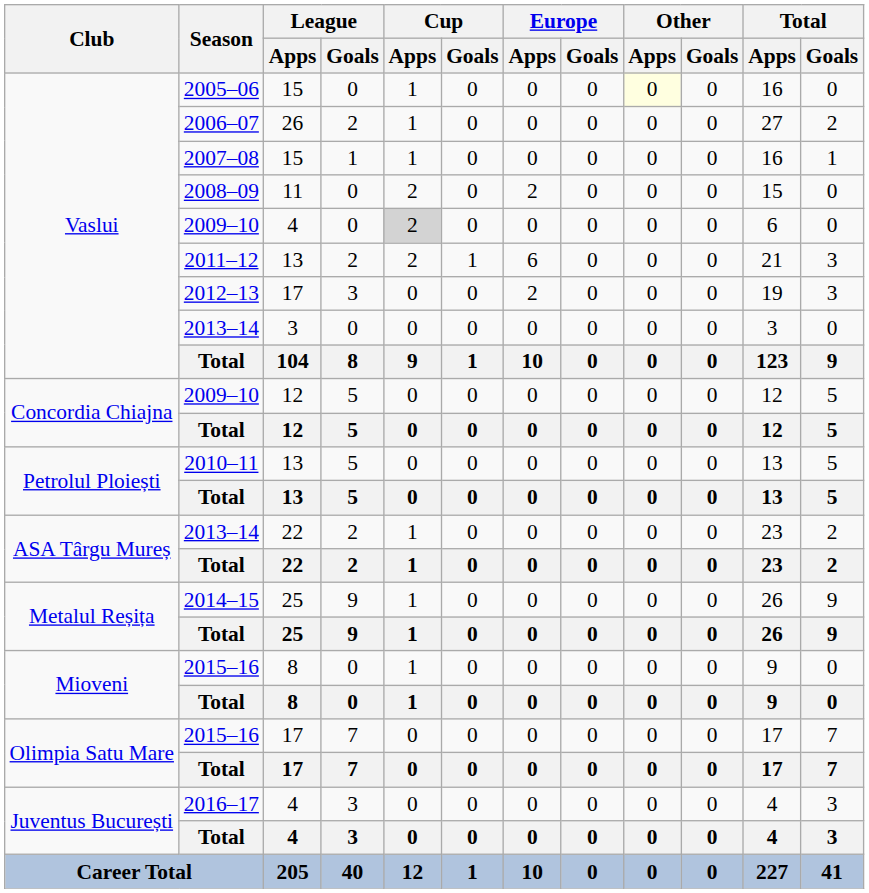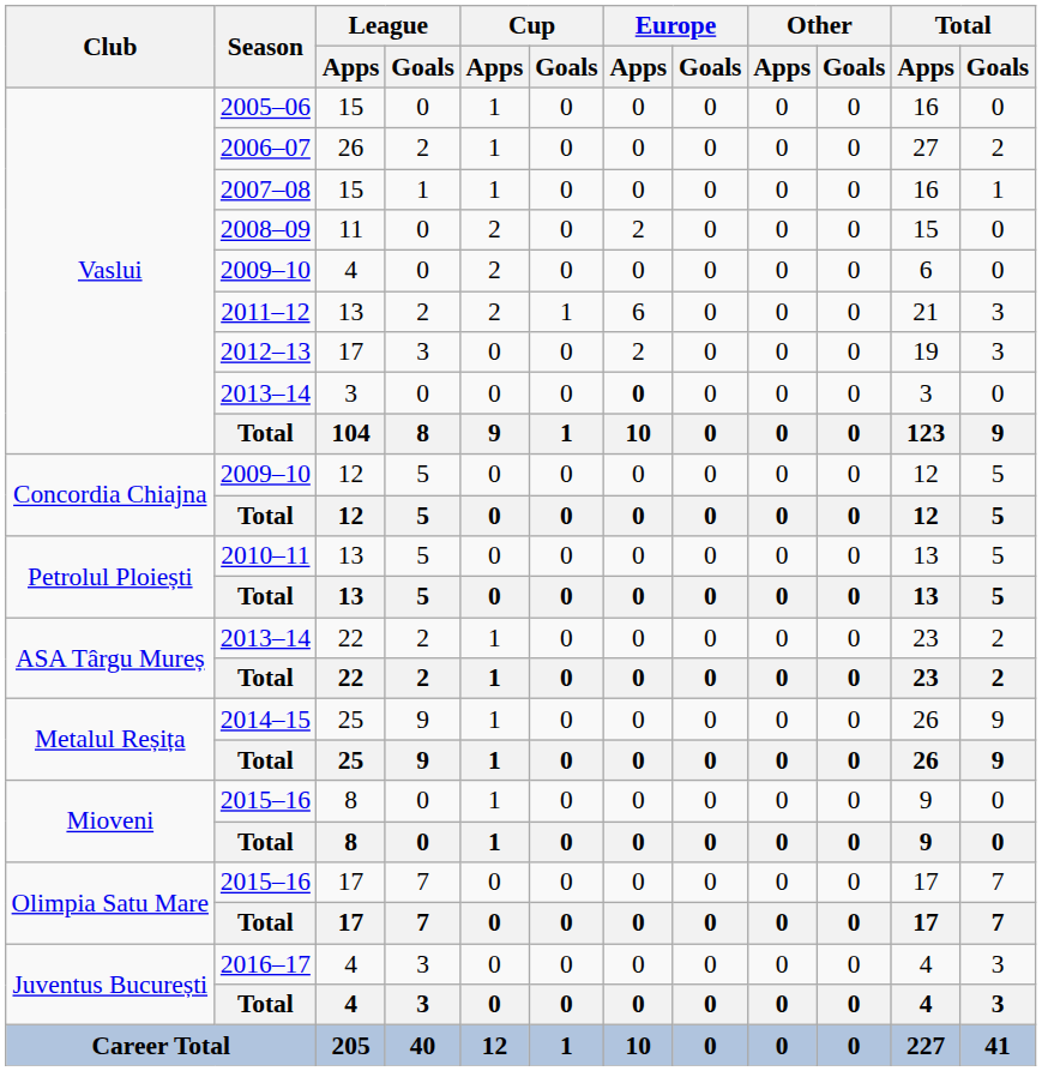 <table class="wikitable" style="text-align: center;">
 <tr>
 <th rowspan="2">Club</th>
 <th rowspan="2">Season</th>
 <th colspan="2">League</th>
 <th colspan="2">Cup</th>
 <th colspan="2"><a href='#'>Europe</a></th>
 <th colspan="2">Other</th>
 <th colspan="2">Total</th>
 </tr>
 <tr>
 <th>Apps</th>
 <th>Goals</th>
 <th>Apps</th>
 <th>Goals</th>
 <th>Apps</th>
 <th>Goals</th>
 <th>Apps</th>
 <th>Goals</th>
 <th>Apps</th>
 <th>Goals</th>
 </tr>
 <tr>
 <td rowspan="9"><a href='#'>Vaslui</a></td>
 <td><a href='#'>2005–06</a></td>
 <td>15</td>
 <td>0</td>
 <td>1</td>
 <td>0</td>
 <td>0</td>
 <td>0</td>
-<td style="background: lightyellow;">0</td>
+<td>0</td>
 <td>0</td>
 <td>16</td>
 <td>0</td>
 </tr>
 <tr>
 <td><a href='#'>2006–07</a></td>
 <td>26</td>
 <td>2</td>
 <td>1</td>
 <td>0</td>
 <td>0</td>
 <td>0</td>
 <td>0</td>
 <td>0</td>
 <td>27</td>
 <td>2</td>
 </tr>
 <tr>
 <td><a href='#'>2007–08</a></td>
 <td>15</td>
 <td>1</td>
 <td>1</td>
 <td>0</td>
 <td>0</td>
 <td>0</td>
 <td>0</td>
 <td>0</td>
 <td>16</td>
 <td>1</td>
 </tr>
 <tr>
 <td><a href='#'>2008–09</a></td>
 <td>11</td>
 <td>0</td>
 <td>2</td>
 <td>0</td>
 <td>2</td>
 <td>0</td>
 <td>0</td>
 <td>0</td>
 <td>15</td>
 <td>0</td>
 </tr>
 <tr>
 <td><a href='#'>2009–10</a></td>
 <td>4</td>
 <td>0</td>
-<td style="background: lightgrey;">2</td>
+<td>2</td>
 <td>0</td>
 <td>0</td>
 <td>0</td>
 <td>0</td>
 <td>0</td>
 <td>6</td>
 <td>0</td>
 </tr>
 <tr>
 <td><a href='#'>2011–12</a></td>
 <td>13</td>
 <td>2</td>
 <td>2</td>
 <td>1</td>
 <td>6</td>
 <td>0</td>
 <td>0</td>
 <td>0</td>
 <td>21</td>
 <td>3</td>
 </tr>
 <tr>
 <td><a href='#'>2012–13</a></td>
 <td>17</td>
 <td>3</td>
 <td>0</td>
 <td>0</td>
 <td>2</td>
 <td>0</td>
 <td>0</td>
 <td>0</td>
 <td>19</td>
 <td>3</td>
 </tr>
 <tr>
 <td><a href='#'>2013–14</a></td>
 <td>3</td>
 <td>0</td>
 <td>0</td>
 <td>0</td>
-<td>0</td>
+<td><strong>0</strong></td>
 <td>0</td>
 <td>0</td>
 <td>0</td>
 <td>3</td>
 <td>0</td>
 </tr>
 <tr>
 <th>Total</th>
 <th>104</th>
 <th>8</th>
 <th>9</th>
 <th>1</th>
 <th>10</th>
 <th>0</th>
 <th>0</th>
 <th>0</th>
 <th>123</th>
 <th>9</th>
 </tr>
 <tr>
 <td rowspan="2"><a href='#'>Concordia Chiajna</a></td>
 <td><a href='#'>2009–10</a></td>
 <td>12</td>
 <td>5</td>
 <td>0</td>
 <td>0</td>
 <td>0</td>
 <td>0</td>
 <td>0</td>
 <td>0</td>
 <td>12</td>
 <td>5</td>
 </tr>
 <tr>
 <th>Total</th>
 <th>12</th>
 <th>5</th>
 <th>0</th>
 <th>0</th>
 <th>0</th>
 <th>0</th>
 <th>0</th>
 <th>0</th>
 <th>12</th>
 <th>5</th>
 </tr>
 <tr>
 <td rowspan="2"><a href='#'>Petrolul Ploiești</a></td>
 <td><a href='#'>2010–11</a></td>
 <td>13</td>
 <td>5</td>
 <td>0</td>
 <td>0</td>
 <td>0</td>
 <td>0</td>
 <td>0</td>
 <td>0</td>
 <td>13</td>
 <td>5</td>
 </tr>
 <tr>
 <th>Total</th>
 <th>13</th>
 <th>5</th>
 <th>0</th>
 <th>0</th>
 <th>0</th>
 <th>0</th>
 <th>0</th>
 <th>0</th>
 <th>13</th>
 <th>5</th>
 </tr>
 <tr>
 <td rowspan="2"><a href='#'>ASA Târgu Mureș</a></td>
 <td><a href='#'>2013–14</a></td>
 <td>22</td>
 <td>2</td>
 <td>1</td>
 <td>0</td>
 <td>0</td>
 <td>0</td>
 <td>0</td>
 <td>0</td>
 <td>23</td>
 <td>2</td>
 </tr>
 <tr>
 <th>Total</th>
 <th>22</th>
 <th>2</th>
 <th>1</th>
 <th>0</th>
 <th>0</th>
 <th>0</th>
 <th>0</th>
 <th>0</th>
 <th>23</th>
 <th>2</th>
 </tr>
 <tr>
 <td rowspan="2"><a href='#'>Metalul Reșița</a></td>
 <td><a href='#'>2014–15</a></td>
 <td>25</td>
 <td>9</td>
 <td>1</td>
 <td>0</td>
 <td>0</td>
 <td>0</td>
 <td>0</td>
 <td>0</td>
 <td>26</td>
 <td>9</td>
 </tr>
 <tr>
 <th>Total</th>
 <th>25</th>
 <th>9</th>
 <th>1</th>
 <th>0</th>
 <th>0</th>
 <th>0</th>
 <th>0</th>
 <th>0</th>
 <th>26</th>
 <th>9</th>
 </tr>
 <tr>
 <td rowspan="2"><a href='#'>Mioveni</a></td>
 <td><a href='#'>2015–16</a></td>
 <td>8</td>
 <td>0</td>
 <td>1</td>
 <td>0</td>
 <td>0</td>
 <td>0</td>
 <td>0</td>
 <td>0</td>
 <td>9</td>
 <td>0</td>
 </tr>
 <tr>
 <th>Total</th>
 <th>8</th>
 <th>0</th>
 <th>1</th>
 <th>0</th>
 <th>0</th>
 <th>0</th>
 <th>0</th>
 <th>0</th>
 <th>9</th>
 <th>0</th>
 </tr>
 <tr>
 <td rowspan="2"><a href='#'>Olimpia Satu Mare</a></td>
 <td><a href='#'>2015–16</a></td>
 <td>17</td>
 <td>7</td>
 <td>0</td>
 <td>0</td>
 <td>0</td>
 <td>0</td>
 <td>0</td>
 <td>0</td>
 <td>17</td>
 <td>7</td>
 </tr>
 <tr>
 <th>Total</th>
 <th>17</th>
 <th>7</th>
 <th>0</th>
 <th>0</th>
 <th>0</th>
 <th>0</th>
 <th>0</th>
 <th>0</th>
 <th>17</th>
 <th>7</th>
 </tr>
 <tr>
 <td rowspan="2"><a href='#'>Juventus București</a></td>
 <td><a href='#'>2016–17</a></td>
 <td>4</td>
 <td>3</td>
 <td>0</td>
 <td>0</td>
 <td>0</td>
 <td>0</td>
 <td>0</td>
 <td>0</td>
 <td>4</td>
 <td>3</td>
 </tr>
 <tr>
 <th>Total</th>
 <th>4</th>
 <th>3</th>
 <th>0</th>
 <th>0</th>
 <th>0</th>
 <th>0</th>
 <th>0</th>
 <th>0</th>
 <th>4</th>
 <th>3</th>
 </tr>
 <tr>
 <th style="background: #b0c4de; text-align: center" colspan="2"><strong>Career Total</strong></th>
 <th style="background:#b0c4de; text-align:center;">205</th>
 <th style="background:#b0c4de; text-align:center;">40</th>
 <th style="background:#b0c4de; text-align:center;">12</th>
 <th style="background:#b0c4de; text-align:center;">1</th>
 <th style="background:#b0c4de; text-align:center;">10</th>
 <th style="background:#b0c4de; text-align:center;">0</th>
 <th style="background:#b0c4de; text-align:center;">0</th>
 <th style="background:#b0c4de; text-align:center;">0</th>
 <th style="background:#b0c4de; text-align:center;">227</th>
 <th style="background:#b0c4de; text-align:center;">41</th>
 </tr>
 </table>
